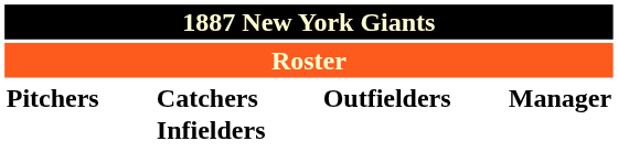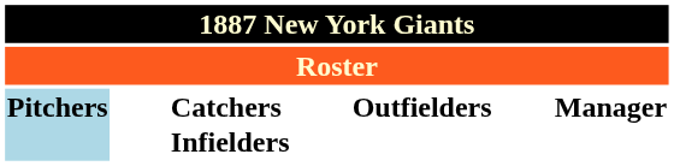 <table class="toccolours" style="font-size: 95%;">
 <tr>
 <th colspan="10" style="background-color: black; color: #FFFDD0; text-align: center;">1887 New York Giants</th>
 </tr>
 <tr>
 <td colspan="10" style="background-color: #fd5a1e; color: #FFFDD0; text-align: center;"><strong>Roster</strong></td>
 </tr>
 <tr>
-<td valign="top"><strong>Pitchers</strong><br>       </td>
+<td valign="top" style="background: lightblue;"><strong>Pitchers</strong><br>       </td>
 <td width="25px"></td>
 <td valign="top"><strong>Catchers</strong><br>    <strong>Infielders</strong>          </td>
 <td width="25px"></td>
 <td valign="top"><strong>Outfielders</strong><br>   </td>
 <td width="25px"></td>
 <td valign="top"><strong>Manager</strong><br></td>
 </tr>
 </table>
